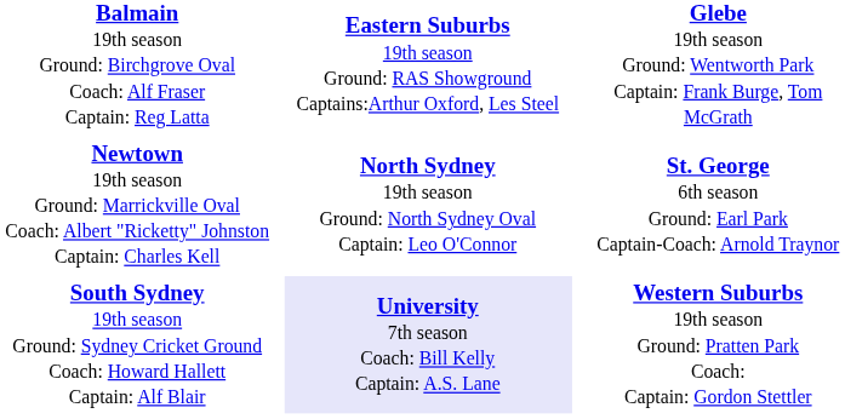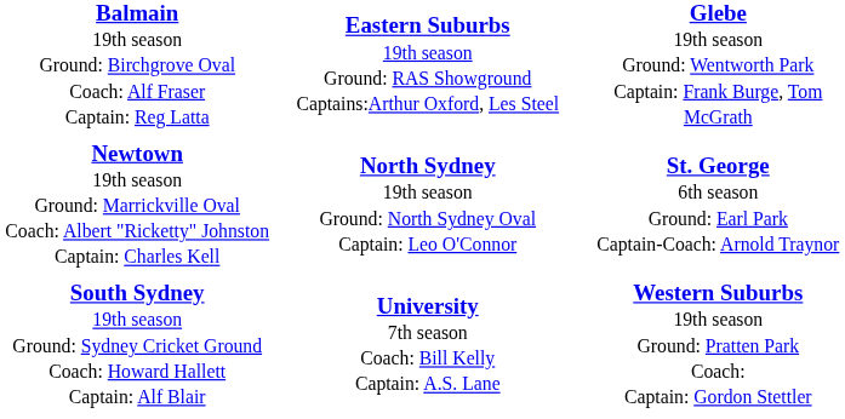 <table class="toccolours" style="margin:auto; text-valign:center;" cellpadding="3" cellspacing="2">
 <tr>
 <th width=195></th>
 <th width=195></th>
 <th width=195></th>
 </tr>
 <tr>
 <td style="text-align:center;"><strong><a href='#'>Balmain</a></strong><br><small>19th season<br>Ground: <a href='#'>Birchgrove Oval</a><br>Coach: <a href='#'>Alf Fraser</a><br>Captain: <a href='#'>Reg Latta</a></small></td>
 <td style="text-align:center;"><strong><a href='#'>Eastern Suburbs</a></strong><br><small><a href='#'>19th season</a><br>Ground: <a href='#'>RAS Showground</a><br>Captains:<a href='#'>Arthur Oxford</a>, <a href='#'>Les Steel</a></small></td>
 <td style="text-align:center;"><strong><a href='#'>Glebe</a></strong><br><small>19th season<br>Ground: <a href='#'>Wentworth Park</a><br>Captain: <a href='#'>Frank Burge</a>, <a href='#'>Tom McGrath</a></small></td>
 </tr>
 <tr>
 <td style="text-align:center;"><strong><a href='#'>Newtown</a></strong><br><small>19th season<br>Ground: <a href='#'>Marrickville Oval</a><br>Coach: <a href='#'>Albert "Ricketty" Johnston</a><br>Captain: <a href='#'>Charles Kell</a></small></td>
 <td style="text-align:center;"><strong><a href='#'>North Sydney</a></strong><br><small>19th season<br>Ground: <a href='#'>North Sydney Oval</a><br>Captain: <a href='#'>Leo O'Connor</a></small></td>
 <td style="text-align:center;"><strong><a href='#'>St. George</a></strong><br><small>6th season<br>Ground: <a href='#'>Earl Park</a><br>Captain-Coach: <a href='#'>Arnold Traynor</a></small></td>
 </tr>
 <tr>
 <td style="text-align:center;"><strong><a href='#'>South Sydney</a></strong><br><small><a href='#'>19th season</a><br>Ground: <a href='#'>Sydney Cricket Ground</a><br>Coach: <a href='#'>Howard Hallett</a><br>Captain: <a href='#'>Alf Blair</a></small></td>
-<td style="background: lavender; text-align:center;"><strong><a href='#'>University</a></strong><br><small>7th season<br>Coach: <a href='#'>Bill Kelly</a><br>Captain: <a href='#'>A.S. Lane</a></small></td>
+<td style="text-align:center;"><strong><a href='#'>University</a></strong><br><small>7th season<br>Coach: <a href='#'>Bill Kelly</a><br>Captain: <a href='#'>A.S. Lane</a></small></td>
 <td style="text-align:center;"><strong><a href='#'>Western Suburbs</a></strong><br><small>19th season<br>Ground: <a href='#'>Pratten Park</a><br>Coach: <br>Captain: <a href='#'>Gordon Stettler</a></small></td>
 </tr>
 </table>
